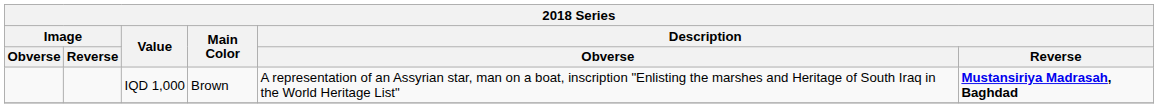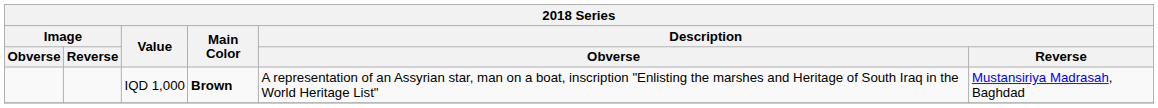 <table class="wikitable" style="font-size: 90%">
 <tr>
 <th colspan="6">2018 Series</th>
 </tr>
 <tr>
 <th colspan="2">Image</th>
 <th rowspan="2">Value</th>
 <th rowspan=2>Main Color</th>
 <th colspan=2>Description</th>
 </tr>
 <tr>
 <th>Obverse</th>
 <th>Reverse</th>
 <th>Obverse</th>
 <th>Reverse</th>
 </tr>
 <tr>
 <td></td>
 <td></td>
 <td>IQD 1,000</td>
-<td>Brown</td>
+<td><strong>Brown</strong></td>
 <td>A representation of an Assyrian star, man on a boat, inscription "Enlisting the marshes and Heritage of South Iraq in the World Heritage List"</td>
-<td><strong><a href='#'>Mustansiriya Madrasah</a>, Baghdad</strong></td>
+<td><a href='#'>Mustansiriya Madrasah</a>, Baghdad</td>
 </tr>
 <tr>
 </tr>
 </table>
